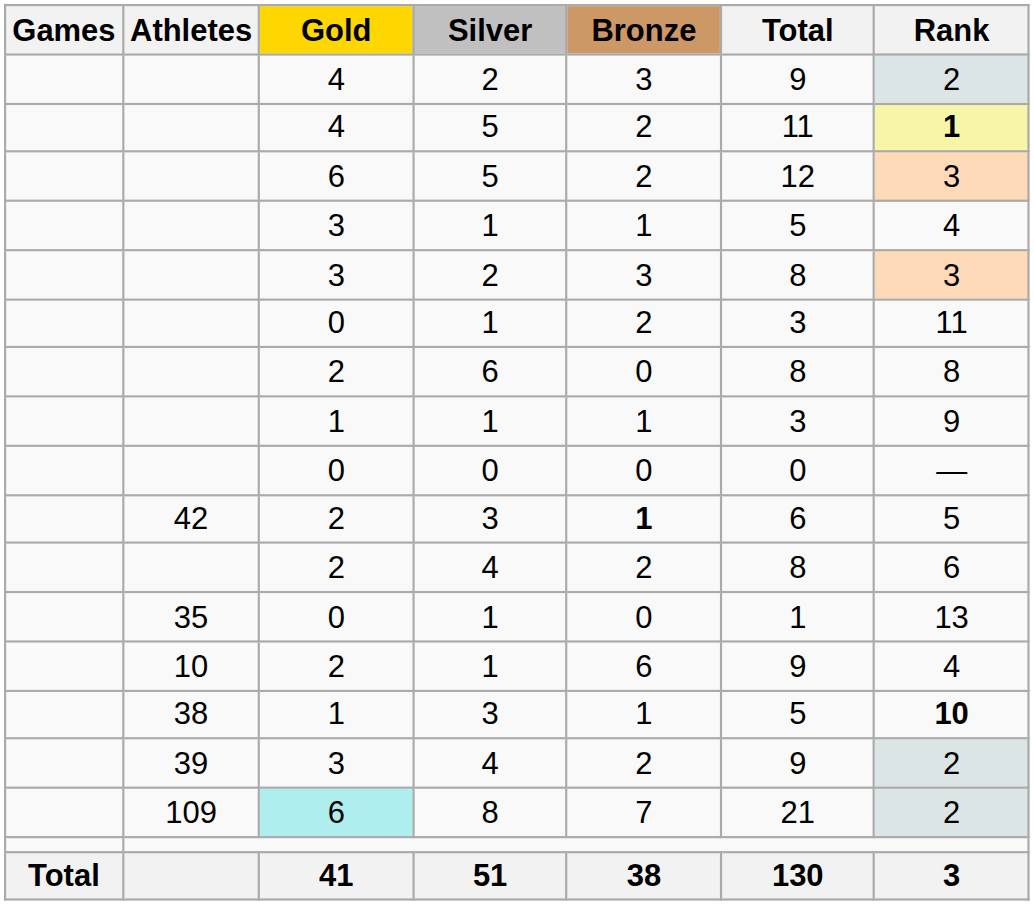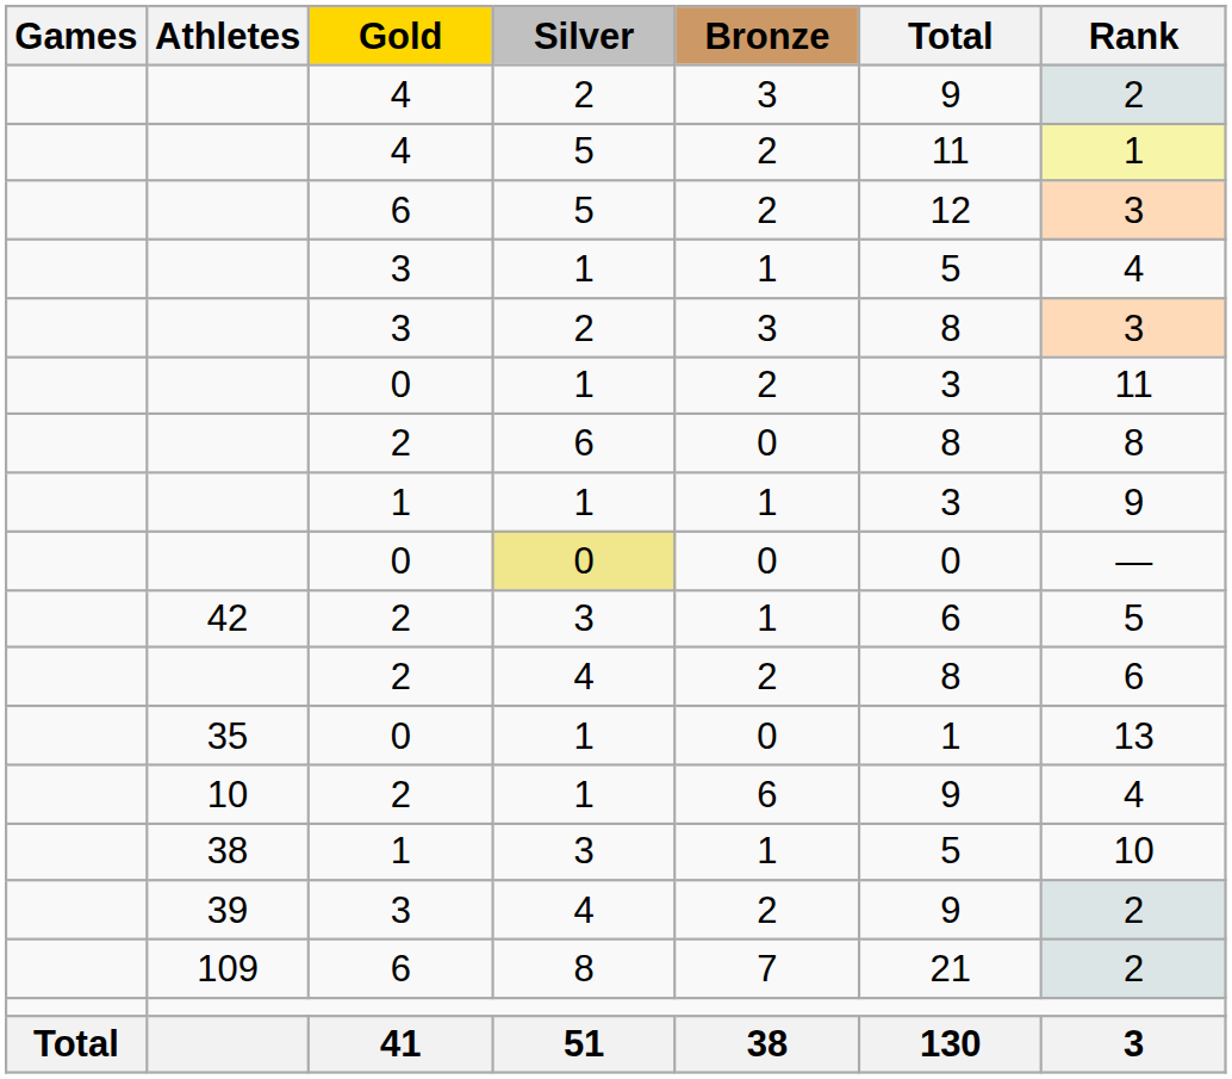 <table class="wikitable" style="text-align:center; font-size:90%;">
 <tr>
 <th>Games</th>
 <th>Athletes</th>
 <th style="background:gold; width:4.5em; font-weight:bold;">Gold</th>
 <th style="background:silver; width:4.5em; font-weight:bold;">Silver</th>
 <th style="background:#cc9966; width:4.5em; font-weight:bold;">Bronze</th>
 <th style="width:4.5em; font-weight:bold;">Total</th>
 <th style="width:4.5em; font-weight:bold;">Rank</th>
 </tr>
 <tr>
 <td align=left></td>
 <td></td>
 <td>4</td>
 <td>2</td>
 <td>3</td>
 <td>9</td>
 <td bgcolor=dce5e5>2</td>
 </tr>
 <tr>
 <td align=left></td>
 <td></td>
 <td>4</td>
 <td>5</td>
 <td>2</td>
 <td>11</td>
-<td style="background:#f7f6a8;"><strong>1</strong></td>
+<td style="background:#f7f6a8;">1</td>
 </tr>
 <tr>
 <td align=left></td>
 <td></td>
 <td>6</td>
 <td>5</td>
 <td>2</td>
 <td>12</td>
 <td style="background:#ffdab9;">3</td>
 </tr>
 <tr>
 <td align=left></td>
 <td></td>
 <td>3</td>
 <td>1</td>
 <td>1</td>
 <td>5</td>
 <td>4</td>
 </tr>
 <tr>
 <td align=left></td>
 <td></td>
 <td>3</td>
 <td>2</td>
 <td>3</td>
 <td>8</td>
 <td style="background:#ffdab9;">3</td>
 </tr>
 <tr>
 <td align=left></td>
 <td></td>
 <td>0</td>
 <td>1</td>
 <td>2</td>
 <td>3</td>
 <td>11</td>
 </tr>
 <tr>
 <td align=left></td>
 <td></td>
 <td>2</td>
 <td>6</td>
 <td>0</td>
 <td>8</td>
 <td>8</td>
 </tr>
 <tr>
 <td align=left></td>
 <td></td>
 <td>1</td>
 <td>1</td>
 <td>1</td>
 <td>3</td>
 <td>9</td>
 </tr>
 <tr>
 <td align=left></td>
 <td></td>
 <td>0</td>
-<td>0</td>
+<td style="background: khaki;">0</td>
 <td>0</td>
 <td>0</td>
 <td>—</td>
 </tr>
 <tr>
 <td align=left></td>
 <td>42</td>
 <td>2</td>
 <td>3</td>
-<td><strong>1</strong></td>
+<td>1</td>
 <td>6</td>
 <td>5</td>
 </tr>
 <tr>
 <td align=left></td>
 <td></td>
 <td>2</td>
 <td>4</td>
 <td>2</td>
 <td>8</td>
 <td>6</td>
 </tr>
 <tr>
 <td align=left></td>
 <td>35</td>
 <td>0</td>
 <td>1</td>
 <td>0</td>
 <td>1</td>
 <td>13</td>
 </tr>
 <tr>
 <td align=left></td>
 <td>10</td>
 <td>2</td>
 <td>1</td>
 <td>6</td>
 <td>9</td>
 <td>4</td>
 </tr>
 <tr>
 <td align=left></td>
 <td>38</td>
 <td>1</td>
 <td>3</td>
 <td>1</td>
 <td>5</td>
-<td><strong>10</strong></td>
+<td>10</td>
 </tr>
 <tr>
 <td align=left></td>
 <td>39</td>
 <td>3</td>
 <td>4</td>
 <td>2</td>
 <td>9</td>
 <td bgcolor=dce5e5>2</td>
 </tr>
 <tr>
 <td align=left></td>
 <td>109</td>
-<td style="background: paleturquoise;">6</td>
+<td>6</td>
 <td>8</td>
 <td>7</td>
 <td>21</td>
 <td bgcolor=dce5e5>2</td>
 </tr>
 <tr>
 <td align=left></td>
 </tr>
 <tr>
 <th>Total</th>
 <th></th>
 <th>41</th>
 <th>51</th>
 <th>38</th>
 <th>130</th>
 <th>3</th>
 </tr>
 </table>
